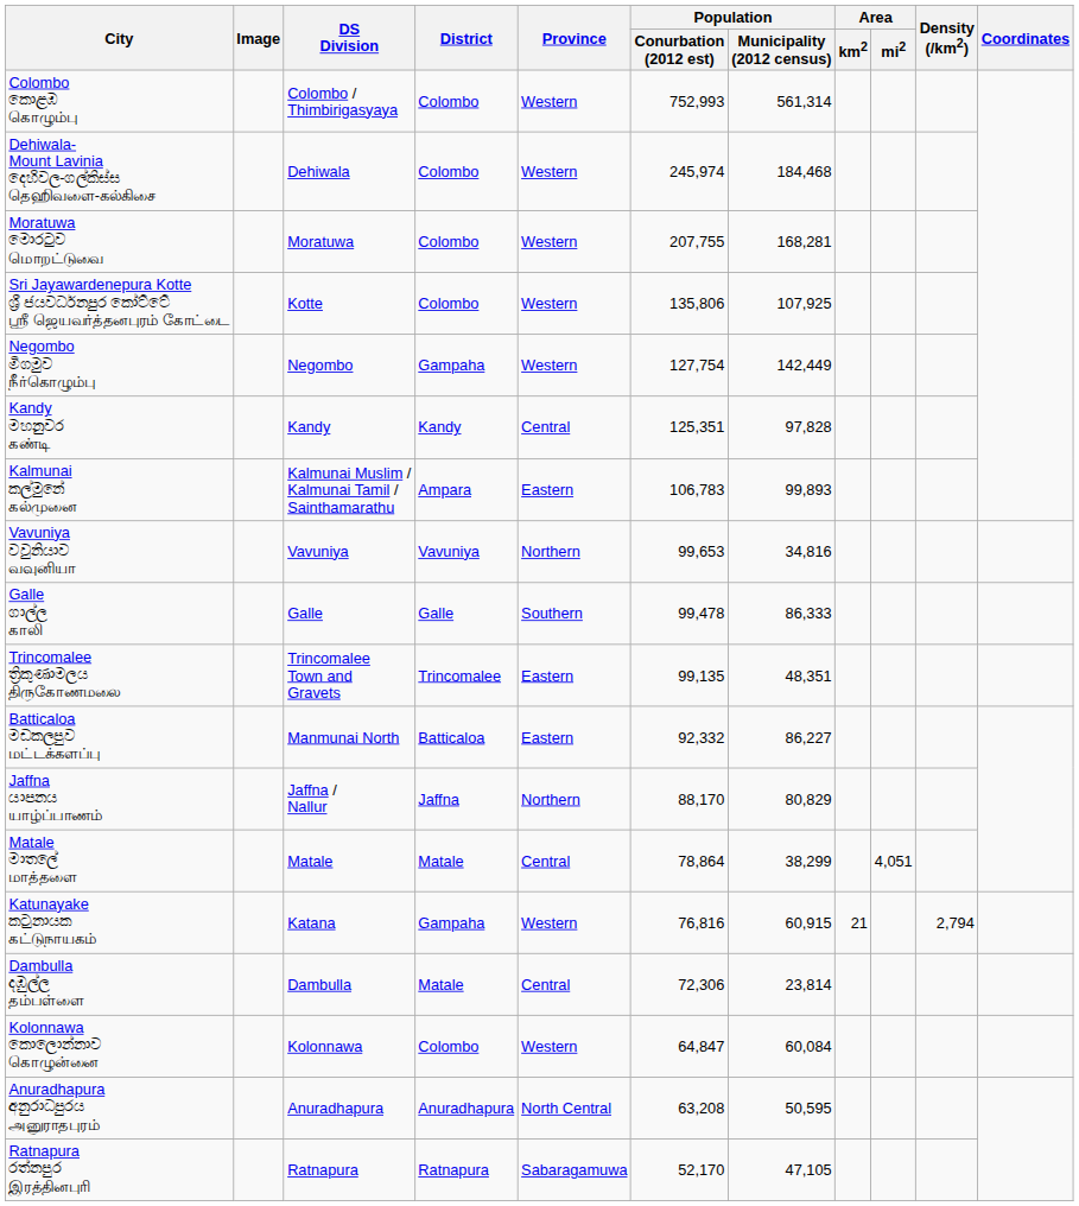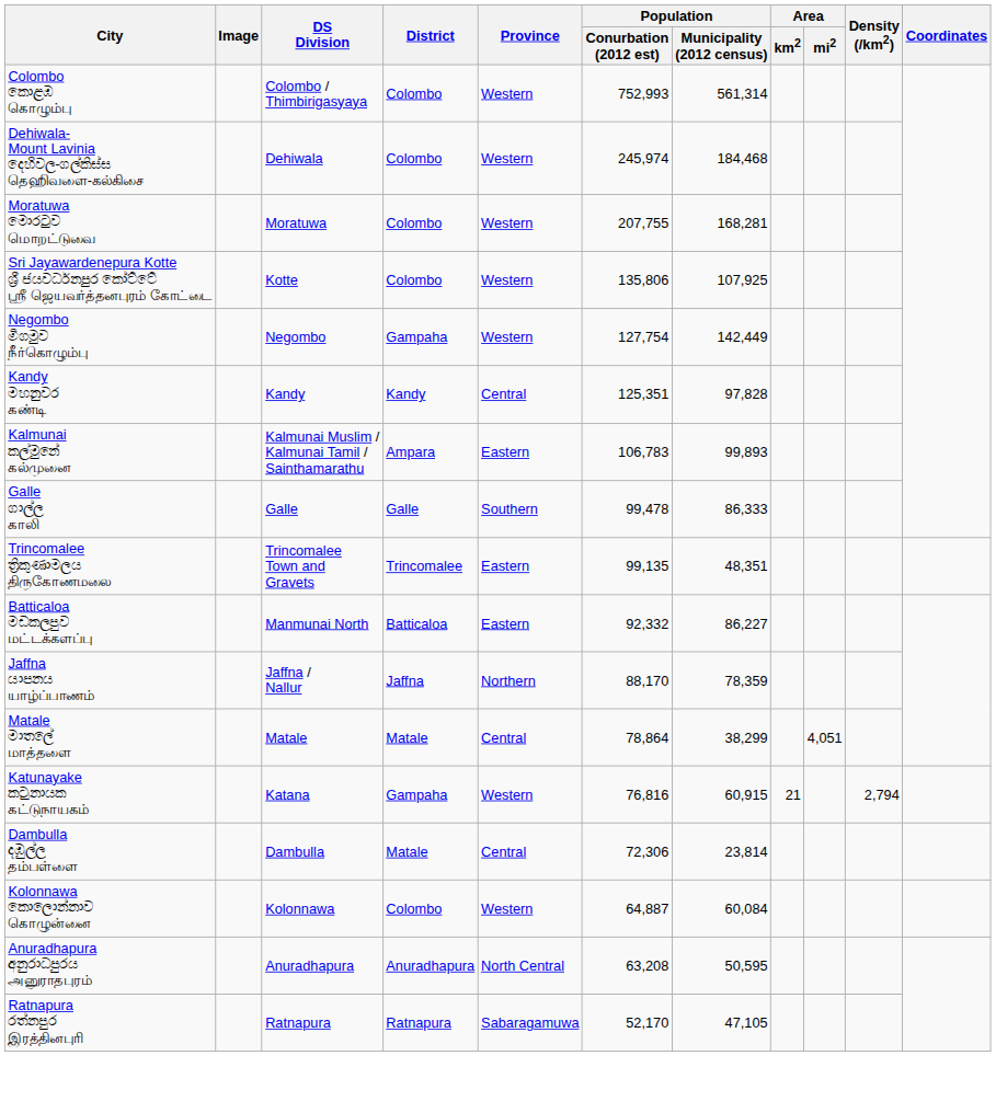 <table class="wikitable plainrowheaders sortable" style="font-size:95%; text-align:right;">
 <tr>
 <th rowspan=2>City</th>
 <th rowspan=2>Image</th>
 <th rowspan=2><a href='#'>DS<br>Division</a></th>
 <th rowspan=2><a href='#'>District</a></th>
 <th rowspan=2><a href='#'>Province</a></th>
 <th colspan=2>Population</th>
 <th colspan=2>Area</th>
 <th rowspan=2>Density<br>(/km<sup>2</sup>)</th>
 <th rowspan=2><a href='#'>Coordinates</a></th>
 </tr>
 <tr>
 <th>Conurbation<br>(2012 est)</th>
 <th>Municipality<br>(2012 census)</th>
 <th>km<sup>2</sup></th>
 <th>mi<sup>2</sup></th>
 </tr>
 <tr>
 <td align=left><a href='#'>Colombo</a><br>කොළඹ<br>கொழும்பு</td>
 <td></td>
 <td align=left><a href='#'>Colombo</a> /<br><a href='#'>Thimbirigasyaya</a></td>
 <td align=left><a href='#'>Colombo</a></td>
 <td align=left><a href='#'>Western</a></td>
 <td>752,993</td>
 <td>561,314</td>
 <td></td>
 <td></td>
 <td><small></small></td>
 </tr>
 <tr>
 <td align=left><a href='#'>Dehiwala-<br>Mount Lavinia</a><br>දෙහිවල-ගල්කිස්ස<br>தெஹிவளை-கல்கிசை</td>
 <td></td>
 <td align=left><a href='#'>Dehiwala</a></td>
 <td align=left><a href='#'>Colombo</a></td>
 <td align=left><a href='#'>Western</a></td>
 <td>245,974</td>
 <td>184,468</td>
 <td></td>
 <td></td>
 <td><small></small></td>
 </tr>
 <tr>
 <td align=left><a href='#'>Moratuwa</a><br>මොරටුව<br>மொறட்டுவை</td>
 <td></td>
 <td align=left><a href='#'>Moratuwa</a></td>
 <td align=left><a href='#'>Colombo</a></td>
 <td align=left><a href='#'>Western</a></td>
 <td>207,755</td>
 <td>168,281</td>
 <td></td>
 <td></td>
 <td><small></small></td>
 </tr>
 <tr>
 <td align=left><a href='#'>Sri Jayawardenepura Kotte</a><br>ශ්‍රී ජයවර්ධනපුර කෝට්ටේ<br>ஶ்ரீ ஜெயவர்த்தனபுரம் கோட்டை</td>
 <td></td>
 <td align=left><a href='#'>Kotte</a></td>
 <td align=left><a href='#'>Colombo</a></td>
 <td align=left><a href='#'>Western</a></td>
 <td>135,806</td>
 <td>107,925</td>
 <td></td>
 <td></td>
 <td><small></small></td>
 </tr>
 <tr>
 <td align=left><a href='#'>Negombo</a><br>මීගමුව<br>நீர்கொழும்பு</td>
 <td></td>
 <td align=left><a href='#'>Negombo</a></td>
 <td align=left><a href='#'>Gampaha</a></td>
 <td align=left><a href='#'>Western</a></td>
 <td>127,754</td>
 <td>142,449</td>
 <td></td>
 <td></td>
 <td><small></small></td>
 </tr>
 <tr>
 <td align=left><a href='#'>Kandy</a><br>මහනුවර<br>கண்டி</td>
 <td></td>
 <td align=left><a href='#'>Kandy</a></td>
 <td align=left><a href='#'>Kandy</a></td>
 <td align=left><a href='#'>Central</a></td>
 <td>125,351</td>
 <td>97,828</td>
 <td></td>
 <td></td>
 <td><small></small></td>
 </tr>
 <tr>
 <td align=left><a href='#'>Kalmunai</a><br>කල්මුනේ<br>கல்முனை</td>
 <td></td>
 <td align=left><a href='#'>Kalmunai Muslim</a> /<br><a href='#'>Kalmunai Tamil</a> /<br><a href='#'>Sainthamarathu</a></td>
 <td align=left><a href='#'>Ampara</a></td>
 <td align=left><a href='#'>Eastern</a></td>
 <td>106,783</td>
 <td>99,893</td>
 <td></td>
 <td></td>
 <td><small></small></td>
 </tr>
 <tr>
-<td align=left><a href='#'>Vavuniya</a><br>වවුනියාව<br>வவுனியா</td>
-<td></td>
-<td align=left><a href='#'>Vavuniya</a></td>
-<td align=left><a href='#'>Vavuniya</a></td>
-<td align=left><a href='#'>Northern</a></td>
-<td>99,653</td>
-<td>34,816</td>
-<td></td>
-<td></td>
-<td></td>
-<td><small></small></td>
-</tr>
-<tr>
 <td align=left><a href='#'>Galle</a><br>ගාල්ල<br>காலி</td>
 <td></td>
 <td align=left><a href='#'>Galle</a></td>
 <td align=left><a href='#'>Galle</a></td>
 <td align=left><a href='#'>Southern</a></td>
 <td>99,478</td>
 <td>86,333</td>
 <td></td>
 <td></td>
 <td><small></small></td>
 </tr>
 <tr>
 <td align=left><a href='#'>Trincomalee</a><br>ත්‍රිකුණාමලය<br>திருகோணமலை</td>
 <td></td>
 <td align=left><a href='#'>Trincomalee<br>Town and<br>Gravets</a></td>
 <td align=left><a href='#'>Trincomalee</a></td>
 <td align=left><a href='#'>Eastern</a></td>
 <td>99,135</td>
 <td>48,351</td>
 <td></td>
 <td></td>
 <td></td>
 <td><small></small></td>
 </tr>
 <tr>
 <td align=left><a href='#'>Batticaloa</a><br>මඩකලපුව<br>மட்டக்களப்பு</td>
 <td></td>
 <td align=left><a href='#'>Manmunai North</a></td>
 <td align=left><a href='#'>Batticaloa</a></td>
 <td align=left><a href='#'>Eastern</a></td>
 <td>92,332</td>
 <td>86,227</td>
 <td></td>
 <td></td>
 <td><small></small></td>
 </tr>
 <tr>
 <td align=left><a href='#'>Jaffna</a><br>යාපනය<br>யாழ்ப்பாணம்</td>
 <td></td>
 <td align=left><a href='#'>Jaffna</a> /<br><a href='#'>Nallur</a></td>
 <td align=left><a href='#'>Jaffna</a></td>
 <td align=left><a href='#'>Northern</a></td>
 <td>88,170</td>
-<td>80,829</td>
+<td>78,359</td>
 <td></td>
 <td></td>
 <td><small></small></td>
 </tr>
 <tr>
 <td align="left"><a href='#'>Matale</a><br>මාතලේ<br>மாத்தளை</td>
 <td></td>
 <td align="left"><a href='#'>Matale</a></td>
 <td align="left"><a href='#'>Matale</a></td>
 <td align="left"><a href='#'>Central</a></td>
 <td>78,864</td>
 <td>38,299</td>
 <td></td>
 <td>4,051</td>
 <td><small></small></td>
 </tr>
 <tr>
 <td align=left><a href='#'>Katunayake</a><br>කටුනායක<br>கட்டுநாயகம்</td>
 <td></td>
 <td align=left><a href='#'>Katana</a></td>
 <td align=left><a href='#'>Gampaha</a></td>
 <td align=left><a href='#'>Western</a></td>
 <td>76,816</td>
 <td>60,915</td>
 <td>21</td>
 <td></td>
 <td>2,794</td>
 <td><small></small></td>
 </tr>
 <tr>
 <td align=left><a href='#'>Dambulla</a><br>දඹුල්ල<br>தம்பள்ளை</td>
 <td></td>
 <td align=left><a href='#'>Dambulla</a></td>
 <td align=left><a href='#'>Matale</a></td>
 <td align=left><a href='#'>Central</a></td>
 <td>72,306</td>
 <td>23,814</td>
 <td></td>
 <td></td>
 <td><small></small></td>
 </tr>
 <tr>
 <td align=left><a href='#'>Kolonnawa</a><br>කොලොන්නාව<br>கொழுன்னை</td>
 <td></td>
 <td align=left><a href='#'>Kolonnawa</a></td>
 <td align=left><a href='#'>Colombo</a></td>
 <td align=left><a href='#'>Western</a></td>
-<td>64,847</td>
+<td>64,887</td>
 <td>60,084</td>
 <td></td>
 <td></td>
 <td></td>
 <td><small></small></td>
 </tr>
 <tr>
 <td align=left><a href='#'>Anuradhapura</a><br>අනුරාධපුරය<br>அனுராதபுரம்</td>
 <td></td>
 <td align=left><a href='#'>Anuradhapura</a></td>
 <td align=left><a href='#'>Anuradhapura</a></td>
 <td align=left><a href='#'>North Central</a></td>
 <td>63,208</td>
 <td>50,595</td>
 <td></td>
 <td></td>
 <td><small></small></td>
 </tr>
 <tr>
 <td align=left><a href='#'>Ratnapura</a><br>රත්නපුර<br>இரத்தினபுரி</td>
 <td></td>
 <td align=left><a href='#'>Ratnapura</a></td>
 <td align=left><a href='#'>Ratnapura</a></td>
 <td align=left><a href='#'>Sabaragamuwa</a></td>
 <td>52,170</td>
 <td>47,105</td>
 <td></td>
 <td></td>
 <td><small></small></td>
 </tr>
 </table>
